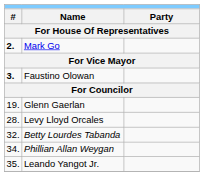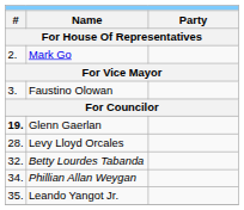 <table class="wikitable" style="font-size:90%">
 <tr>
 <td colspan="5" bgcolor="#7dcbff"></td>
 </tr>
 <tr>
 <th>#</th>
 <th width=150px>Name</th>
 <th colspan=2 width=110px>Party</th>
 </tr>
 <tr>
 <th colspan=5>For House Of Representatives</th>
 </tr>
 <tr>
-<td><strong>2.</strong></td>
+<td>2.</td>
 <td><a href='#'>Mark Go</a></td>
 <td></td>
 </tr>
 <tr>
 <th colspan=5>For Vice Mayor</th>
 </tr>
 <tr>
-<td><strong>3.</strong></td>
+<td>3.</td>
 <td>Faustino Olowan</td>
 <td></td>
 </tr>
 <tr>
 <th colspan="5">For Councilor</th>
 </tr>
 <tr>
-<td>19.</td>
+<td><strong>19.</strong></td>
 <td>Glenn Gaerlan</td>
 <td></td>
 </tr>
 <tr>
 <td>28.</td>
 <td>Levy Lloyd Orcales</td>
 <td></td>
 </tr>
 <tr>
 <td>32.</td>
 <td><em>Betty Lourdes Tabanda</em></td>
 <td></td>
 </tr>
 <tr>
 <td>34.</td>
 <td><em>Phillian Allan Weygan</em></td>
 <td></td>
 </tr>
 <tr>
 <td>35.</td>
 <td>Leando Yangot Jr.</td>
 <td></td>
 </tr>
 <tr>
 </tr>
 </table>
